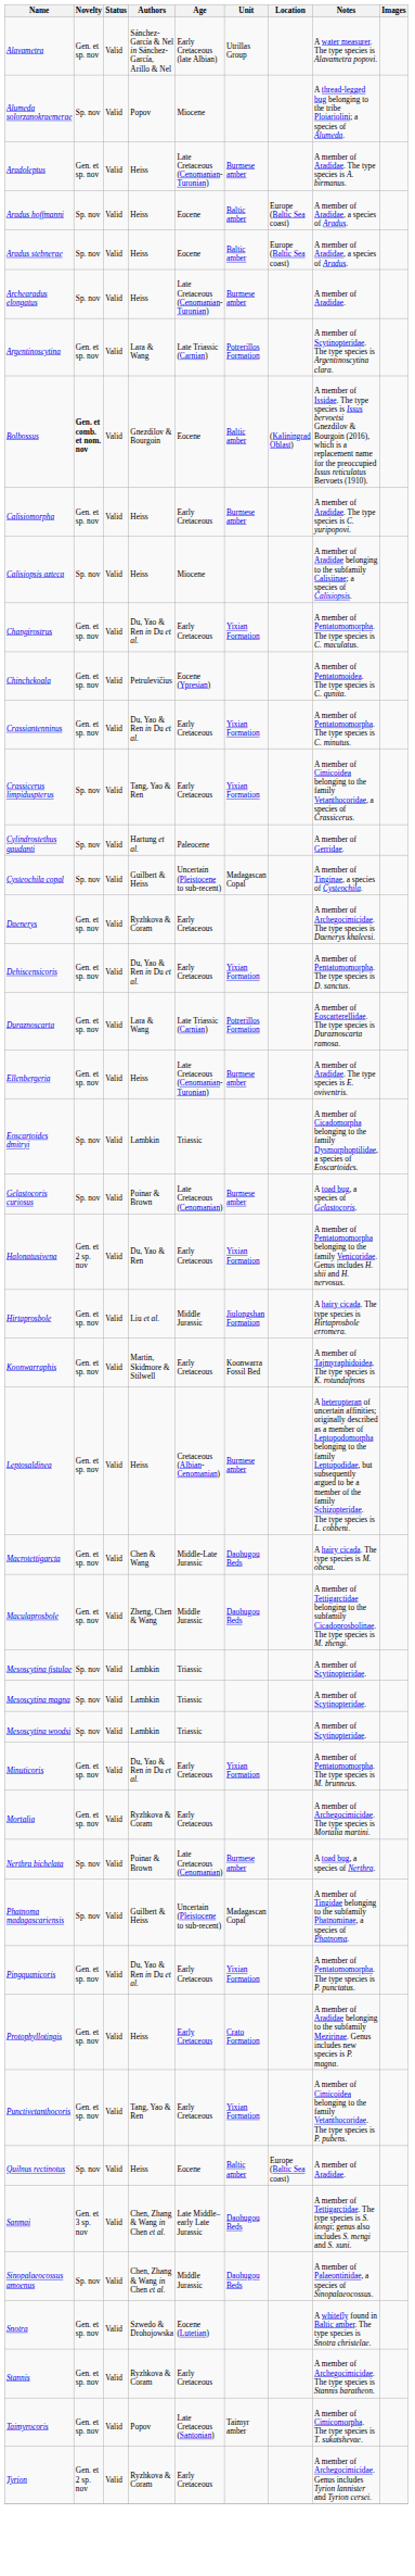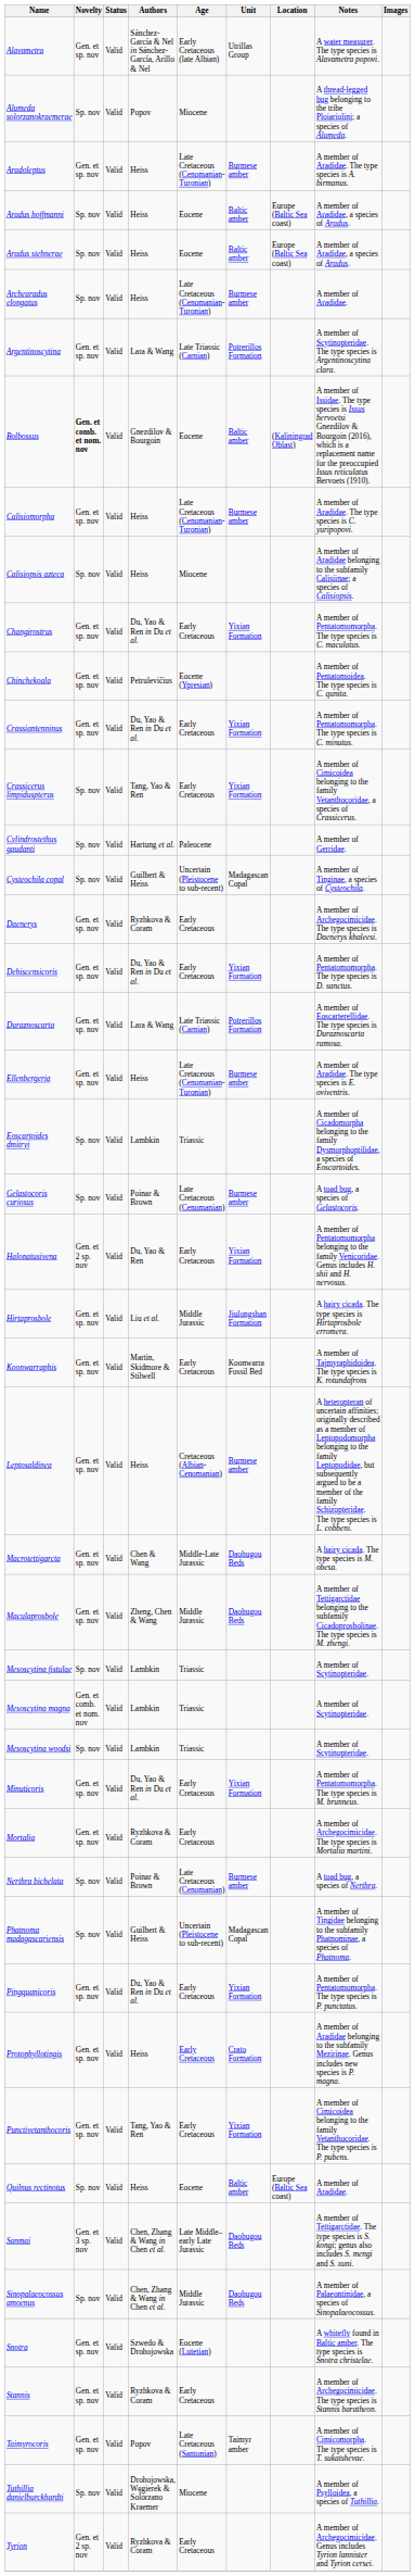 <table class="wikitable sortable" align="center" width="100%">
 <tr>
 <th>Name</th>
 <th>Novelty</th>
 <th>Status</th>
 <th>Authors</th>
 <th>Age</th>
 <th>Unit</th>
 <th>Location</th>
 <th>Notes</th>
 <th>Images</th>
 </tr>
 <tr>
 <td><br><em><a href='#'>Alavametra</a></em></td>
 <td><br>Gen. et sp. nov</td>
 <td><br>Valid</td>
 <td><br>Sánchez-García & Nel <em>in</em> Sánchez-García, Arillo & Nel</td>
 <td><br>Early Cretaceous (late Albian)</td>
 <td><br>Utrillas Group</td>
 <td><br></td>
 <td><br>A <a href='#'>water measurer</a>. The type species is <em>Alavametra popovi</em>.</td>
 <td></td>
 </tr>
 <tr>
 <td><br><em><a href='#'>Alumeda solorzanokraemerae</a></em></td>
 <td><br>Sp. nov</td>
 <td><br>Valid</td>
 <td><br>Popov</td>
 <td><br>Miocene</td>
 <td></td>
 <td><br></td>
 <td><br>A <a href='#'>thread-legged bug</a> belonging to the tribe <a href='#'>Ploiariolini</a>; a species of <em><a href='#'>Alumeda</a></em>.</td>
 <td></td>
 </tr>
 <tr>
 <td><br><em><a href='#'>Aradoleptus</a></em></td>
 <td><br>Gen. et sp. nov</td>
 <td><br>Valid</td>
 <td><br>Heiss</td>
 <td><br>Late Cretaceous (<a href='#'>Cenomanian</a>-<a href='#'>Turonian</a>)</td>
 <td><br><a href='#'>Burmese amber</a></td>
 <td><br></td>
 <td><br>A member of <a href='#'>Aradidae</a>. The type species is <em>A. birmanus</em>.</td>
 <td></td>
 </tr>
 <tr>
 <td><br><em><a href='#'>Aradus hoffmanni</a></em></td>
 <td><br>Sp. nov</td>
 <td><br>Valid</td>
 <td><br>Heiss</td>
 <td><br>Eocene</td>
 <td><br><a href='#'>Baltic amber</a></td>
 <td><br>Europe (<a href='#'>Baltic Sea</a> coast)</td>
 <td><br>A member of <a href='#'>Aradidae</a>, a species of <em><a href='#'>Aradus</a></em>.</td>
 <td></td>
 </tr>
 <tr>
 <td><br><em><a href='#'>Aradus stebnerae</a></em></td>
 <td><br>Sp. nov</td>
 <td><br>Valid</td>
 <td><br>Heiss</td>
 <td><br>Eocene</td>
 <td><br><a href='#'>Baltic amber</a></td>
 <td><br>Europe (<a href='#'>Baltic Sea</a> coast)</td>
 <td><br>A member of <a href='#'>Aradidae</a>, a species of <em><a href='#'>Aradus</a></em>.</td>
 <td></td>
 </tr>
 <tr>
 <td><br><em><a href='#'>Archearadus elongatus</a></em></td>
 <td><br>Sp. nov</td>
 <td><br>Valid</td>
 <td><br>Heiss</td>
 <td><br>Late Cretaceous (<a href='#'>Cenomanian</a>-<a href='#'>Turonian</a>)</td>
 <td><br><a href='#'>Burmese amber</a></td>
 <td><br></td>
 <td><br>A member of <a href='#'>Aradidae</a>.</td>
 <td></td>
 </tr>
 <tr>
 <td><br><em><a href='#'>Argentinoscytina</a></em></td>
 <td><br>Gen. et sp. nov</td>
 <td><br>Valid</td>
 <td><br>Lara & Wang</td>
 <td><br>Late Triassic (<a href='#'>Carnian</a>)</td>
 <td><br><a href='#'>Potrerillos Formation</a></td>
 <td><br></td>
 <td><br>A member of <a href='#'>Scytinopteridae</a>. The type species is <em>Argentinoscytina clara</em>.</td>
 <td></td>
 </tr>
 <tr>
 <td><br><em><a href='#'>Bolbossus</a></em></td>
 <td><strong><br>Gen. et comb. et nom. nov</strong></td>
 <td><br>Valid</td>
 <td><br>Gnezdilov & Bourgoin</td>
 <td><br>Eocene</td>
 <td><br><a href='#'>Baltic amber</a></td>
 <td><br><br>(<a href='#'>Kaliningrad Oblast</a>)</td>
 <td><br>A member of <a href='#'>Issidae</a>. The type species is <em><a href='#'>Issus</a> bervoetsi</em> Gnezdilov & Bourgoin (2016), which is a replacement name for the preoccupied <em>Issus reticulatus</em> Bervoets (1910).</td>
 <td></td>
 </tr>
 <tr>
 <td><br><em><a href='#'>Calisiomorpha</a></em></td>
 <td><br>Gen. et sp. nov</td>
 <td><br>Valid</td>
 <td><br>Heiss</td>
-<td><br>Early Cretaceous</td>
+<td><br>Late Cretaceous (<a href='#'>Cenomanian</a>-<a href='#'>Turonian</a>)</td>
 <td><br><a href='#'>Burmese amber</a></td>
 <td><br></td>
 <td><br>A member of <a href='#'>Aradidae</a>. The type species is <em>C. yuripopovi</em>.</td>
 <td></td>
 </tr>
 <tr>
 <td><br><em><a href='#'>Calisiopsis azteca</a></em></td>
 <td><br>Sp. nov</td>
 <td><br>Valid</td>
 <td><br>Heiss</td>
 <td><br>Miocene</td>
 <td></td>
 <td><br></td>
 <td><br>A member of <a href='#'>Aradidae</a> belonging to the subfamily <a href='#'>Calisiinae</a>; a species of <em><a href='#'>Calisiopsis</a></em>.</td>
 <td></td>
 </tr>
 <tr>
 <td><br><em><a href='#'>Changirostrus</a></em></td>
 <td><br>Gen. et sp. nov</td>
 <td><br>Valid</td>
 <td><br>Du, Yao & Ren <em>in</em> Du <em>et al.</em></td>
 <td><br>Early Cretaceous</td>
 <td><br><a href='#'>Yixian Formation</a></td>
 <td><br></td>
 <td><br>A member of <a href='#'>Pentatomomorpha</a>. The type species is <em>C. maculatus</em>.</td>
 <td></td>
 </tr>
 <tr>
 <td><br><em><a href='#'>Chinchekoala</a></em></td>
 <td><br>Gen. et sp. nov</td>
 <td><br>Valid</td>
 <td><br>Petrulevičius</td>
 <td><br>Eocene (<a href='#'>Ypresian</a>)</td>
 <td></td>
 <td><br></td>
 <td><br>A member of <a href='#'>Pentatomoidea</a>. The type species is <em>C. qunita</em>.</td>
 <td></td>
 </tr>
 <tr>
 <td><br><em><a href='#'>Crassiantenninus</a></em></td>
 <td><br>Gen. et sp. nov</td>
 <td><br>Valid</td>
 <td><br>Du, Yao & Ren <em>in</em> Du <em>et al.</em></td>
 <td><br>Early Cretaceous</td>
 <td><br><a href='#'>Yixian Formation</a></td>
 <td><br></td>
 <td><br>A member of <a href='#'>Pentatomomorpha</a>. The type species is <em>C. minutus</em>.</td>
 <td></td>
 </tr>
 <tr>
 <td><br><em><a href='#'>Crassicerus limpiduspterus</a></em></td>
 <td><br>Sp. nov</td>
 <td><br>Valid</td>
 <td><br>Tang, Yao & Ren</td>
 <td><br>Early Cretaceous</td>
 <td><br><a href='#'>Yixian Formation</a></td>
 <td><br></td>
 <td><br>A member of <a href='#'>Cimicoidea</a> belonging to the family <a href='#'>Vetanthocoridae</a>, a species of <em>Crassicerus</em>.</td>
 <td></td>
 </tr>
 <tr>
 <td><br><em><a href='#'>Cylindrostethus gaudanti</a></em></td>
 <td><br>Sp. nov</td>
 <td><br>Valid</td>
 <td><br>Hartung <em>et al.</em></td>
 <td><br>Paleocene</td>
 <td></td>
 <td><br></td>
 <td><br>A member of <a href='#'>Gerridae</a>.</td>
 <td></td>
 </tr>
 <tr>
 <td><br><em><a href='#'>Cysteochila copal</a></em></td>
 <td><br>Sp. nov</td>
 <td><br>Valid</td>
 <td><br>Guilbert & Heiss</td>
 <td><br>Uncertain (<a href='#'>Pleistocene</a> to sub-recent)</td>
 <td><br>Madagascan Copal</td>
 <td><br></td>
 <td><br>A member of <a href='#'>Tinginae</a>, a species of <em><a href='#'>Cysteochila</a></em>.</td>
 <td></td>
 </tr>
 <tr>
 <td><br><em><a href='#'>Daenerys</a></em></td>
 <td><br>Gen. et sp. nov</td>
 <td><br>Valid</td>
 <td><br>Ryzhkova & Coram</td>
 <td><br>Early Cretaceous</td>
 <td></td>
 <td><br></td>
 <td><br>A member of <a href='#'>Archegocimicidae</a>. The type species is <em>Daenerys khaleesi</em>.</td>
 <td></td>
 </tr>
 <tr>
 <td><br><em><a href='#'>Dehiscensicoris</a></em></td>
 <td><br>Gen. et sp. nov</td>
 <td><br>Valid</td>
 <td><br>Du, Yao & Ren <em>in</em> Du <em>et al.</em></td>
 <td><br>Early Cretaceous</td>
 <td><br><a href='#'>Yixian Formation</a></td>
 <td><br></td>
 <td><br>A member of <a href='#'>Pentatomomorpha</a>. The type species is <em>D. sanctus</em>.</td>
 <td></td>
 </tr>
 <tr>
 <td><br><em><a href='#'>Duraznoscarta</a></em></td>
 <td><br>Gen. et sp. nov</td>
 <td><br>Valid</td>
 <td><br>Lara & Wang</td>
 <td><br>Late Triassic (<a href='#'>Carnian</a>)</td>
 <td><br><a href='#'>Potrerillos Formation</a></td>
 <td><br></td>
 <td><br>A member of <a href='#'>Eoscarterellidae</a>. The type species is <em>Duraznoscarta ramosa</em>.</td>
 <td></td>
 </tr>
 <tr>
 <td><br><em><a href='#'>Ellenbergeria</a></em></td>
 <td><br>Gen. et sp. nov</td>
 <td><br>Valid</td>
 <td><br>Heiss</td>
 <td><br>Late Cretaceous (<a href='#'>Cenomanian</a>-<a href='#'>Turonian</a>)</td>
 <td><br><a href='#'>Burmese amber</a></td>
 <td><br></td>
 <td><br>A member of <a href='#'>Aradidae</a>. The type species is <em>E. oviventris</em>.</td>
 <td></td>
 </tr>
 <tr>
 <td><br><em><a href='#'>Eoscartoides dmitryi</a></em></td>
 <td><br>Sp. nov</td>
 <td><br>Valid</td>
 <td><br>Lambkin</td>
 <td><br>Triassic</td>
 <td></td>
 <td><br></td>
 <td><br>A member of <a href='#'>Cicadomorpha</a> belonging to the family <a href='#'>Dysmorphoptilidae</a>, a species of <em>Eoscartoides</em>.</td>
 <td></td>
 </tr>
 <tr>
 <td><br><em><a href='#'>Gelastocoris curiosus</a></em></td>
 <td><br>Sp. nov</td>
 <td><br>Valid</td>
 <td><br>Poinar & Brown</td>
 <td><br>Late Cretaceous (<a href='#'>Cenomanian</a>)</td>
 <td><br><a href='#'>Burmese amber</a></td>
 <td><br></td>
 <td><br>A <a href='#'>toad bug</a>, a species of <em><a href='#'>Gelastocoris</a></em>.</td>
 <td></td>
 </tr>
 <tr>
 <td><br><em><a href='#'>Halonatusivena</a></em></td>
 <td><br>Gen. et 2 sp. nov</td>
 <td><br>Valid</td>
 <td><br>Du, Yao & Ren</td>
 <td><br>Early Cretaceous</td>
 <td><br><a href='#'>Yixian Formation</a></td>
 <td><br></td>
 <td><br>A member of <a href='#'>Pentatomomorpha</a> belonging to the family <a href='#'>Venicoridae</a>. Genus includes <em>H. shii</em> and <em>H. nervosus</em>.</td>
 <td></td>
 </tr>
 <tr>
 <td><br><em><a href='#'>Hirtaprosbole</a></em></td>
 <td><br>Gen. et sp. nov</td>
 <td><br>Valid</td>
 <td><br>Liu <em>et al.</em></td>
 <td><br>Middle Jurassic</td>
 <td><br><a href='#'>Jiulongshan Formation</a></td>
 <td><br></td>
 <td><br>A <a href='#'>hairy cicada</a>. The type species is <em>Hirtaprosbole erromera</em>.</td>
 <td></td>
 </tr>
 <tr>
 <td><br><em><a href='#'>Koonwarraphis</a></em></td>
 <td><br>Gen. et sp. nov</td>
 <td><br>Valid</td>
 <td><br>Martin, Skidmore & Stilwell</td>
 <td><br>Early Cretaceous</td>
 <td><br>Koonwarra Fossil Bed</td>
 <td><br></td>
 <td><br>A member of <a href='#'>Tajmyraphidoidea</a>. The type species is <em>K. rotundafrons</em></td>
 <td></td>
 </tr>
 <tr>
 <td><br><em><a href='#'>Leptosaldinea</a></em></td>
 <td><br>Gen. et sp. nov</td>
 <td><br>Valid</td>
 <td><br>Heiss</td>
 <td><br>Cretaceous (<a href='#'>Albian</a>-<a href='#'>Cenomanian</a>)</td>
 <td><br><a href='#'>Burmese amber</a></td>
 <td><br></td>
 <td><br>A <a href='#'>heteropteran</a> of uncertain affinities; originally described as a member of <a href='#'>Leptopodomorpha</a> belonging to the family <a href='#'>Leptopodidae</a>, but subsequently argued to be a member of the family <a href='#'>Schizopteridae</a>. The type species is <em>L. cobbeni</em>.</td>
 <td></td>
 </tr>
 <tr>
 <td><br><em><a href='#'>Macrotettigarcta</a></em></td>
 <td><br>Gen. et sp. nov</td>
 <td><br>Valid</td>
 <td><br>Chen & Wang</td>
 <td><br>Middle-Late Jurassic</td>
 <td><br><a href='#'>Daohugou Beds</a></td>
 <td><br></td>
 <td><br>A <a href='#'>hairy cicada</a>. The type species is <em>M. obesa</em>.</td>
 <td></td>
 </tr>
 <tr>
 <td><br><em><a href='#'>Maculaprosbole</a></em></td>
 <td><br>Gen. et sp. nov</td>
 <td><br>Valid</td>
 <td><br>Zheng, Chen & Wang</td>
 <td><br>Middle Jurassic</td>
 <td><br><a href='#'>Daohugou Beds</a></td>
 <td><br></td>
 <td><br>A member of <a href='#'>Tettigarctidae</a> belonging to the subfamily <a href='#'>Cicadoprosbolinae</a>. The type species is <em>M. zhengi</em>.</td>
 <td></td>
 </tr>
 <tr>
 <td><br><em><a href='#'>Mesoscytina fistulae</a></em></td>
 <td><br>Sp. nov</td>
 <td><br>Valid</td>
 <td><br>Lambkin</td>
 <td><br>Triassic</td>
 <td></td>
 <td><br></td>
 <td><br>A member of <a href='#'>Scytinopteridae</a>.</td>
 <td></td>
 </tr>
 <tr>
 <td><br><em><a href='#'>Mesoscytina magna</a></em></td>
-<td><br>Sp. nov</td>
+<td><br>Gen. et comb. et nom. nov</td>
 <td><br>Valid</td>
 <td><br>Lambkin</td>
 <td><br>Triassic</td>
 <td></td>
 <td><br></td>
 <td><br>A member of <a href='#'>Scytinopteridae</a>.</td>
 <td></td>
 </tr>
 <tr>
 <td><br><em><a href='#'>Mesoscytina woodsi</a></em></td>
 <td><br>Sp. nov</td>
 <td><br>Valid</td>
 <td><br>Lambkin</td>
 <td><br>Triassic</td>
 <td></td>
 <td><br></td>
 <td><br>A member of <a href='#'>Scytinopteridae</a>.</td>
 <td></td>
 </tr>
 <tr>
 <td><br><em><a href='#'>Minuticoris</a></em></td>
 <td><br>Gen. et sp. nov</td>
 <td><br>Valid</td>
 <td><br>Du, Yao & Ren <em>in</em> Du <em>et al.</em></td>
 <td><br>Early Cretaceous</td>
 <td><br><a href='#'>Yixian Formation</a></td>
 <td><br></td>
 <td><br>A member of <a href='#'>Pentatomomorpha</a>. The type species is <em>M. brunneus</em>.</td>
 <td></td>
 </tr>
 <tr>
 <td><br><em><a href='#'>Mortalia</a></em></td>
 <td><br>Gen. et sp. nov</td>
 <td><br>Valid</td>
 <td><br>Ryzhkova & Coram</td>
 <td><br>Early Cretaceous</td>
 <td></td>
 <td><br></td>
 <td><br>A member of <a href='#'>Archegocimicidae</a>. The type species is <em>Mortalia martini</em>.</td>
 <td></td>
 </tr>
 <tr>
 <td><br><em><a href='#'>Nerthra bichelata</a></em></td>
 <td><br>Sp. nov</td>
 <td><br>Valid</td>
 <td><br>Poinar & Brown</td>
 <td><br>Late Cretaceous (<a href='#'>Cenomanian</a>)</td>
 <td><br><a href='#'>Burmese amber</a></td>
 <td><br></td>
 <td><br>A <a href='#'>toad bug</a>, a species of <em><a href='#'>Nerthra</a></em>.</td>
 <td></td>
 </tr>
 <tr>
 <td><br><em><a href='#'>Phatnoma madagascariensis</a></em></td>
 <td><br>Sp. nov</td>
 <td><br>Valid</td>
 <td><br>Guilbert & Heiss</td>
 <td><br>Uncertain (<a href='#'>Pleistocene</a> to sub-recent)</td>
 <td><br>Madagascan Copal</td>
 <td><br></td>
 <td><br>A member of <a href='#'>Tingidae</a> belonging to the subfamily <a href='#'>Phatnominae</a>, a species of <em><a href='#'>Phatnoma</a></em>.</td>
 <td></td>
 </tr>
 <tr>
 <td><br><em><a href='#'>Pingquanicoris</a></em></td>
 <td><br>Gen. et sp. nov</td>
 <td><br>Valid</td>
 <td><br>Du, Yao & Ren <em>in</em> Du <em>et al.</em></td>
 <td><br>Early Cretaceous</td>
 <td><br><a href='#'>Yixian Formation</a></td>
 <td><br></td>
 <td><br>A member of <a href='#'>Pentatomomorpha</a>. The type species is <em>P. punctatus</em>.</td>
 <td></td>
 </tr>
 <tr>
 <td><br><em><a href='#'>Protophyllotingis</a></em></td>
 <td><br>Gen. et sp. nov</td>
 <td><br>Valid</td>
 <td><br>Heiss</td>
 <td><br><a href='#'>Early Cretaceous</a></td>
 <td><br><a href='#'>Crato Formation</a></td>
 <td><br></td>
 <td><br>A member of <a href='#'>Aradidae</a> belonging to the subfamily <a href='#'>Mezirinae</a>. Genus includes new species is <em>P. magna</em>.</td>
 <td></td>
 </tr>
 <tr>
 <td><br><em><a href='#'>Punctivetanthocoris</a></em></td>
 <td><br>Gen. et sp. nov</td>
 <td><br>Valid</td>
 <td><br>Tang, Yao & Ren</td>
 <td><br>Early Cretaceous</td>
 <td><br><a href='#'>Yixian Formation</a></td>
 <td><br></td>
 <td><br>A member of <a href='#'>Cimicoidea</a> belonging to the family <a href='#'>Vetanthocoridae</a>. The type species is <em>P. pubens</em>.</td>
 <td></td>
 </tr>
 <tr>
 <td><br><em><a href='#'>Quilnus rectinotus</a></em></td>
 <td><br>Sp. nov</td>
 <td><br>Valid</td>
 <td><br>Heiss</td>
 <td><br>Eocene</td>
 <td><br><a href='#'>Baltic amber</a></td>
 <td><br>Europe (<a href='#'>Baltic Sea</a> coast)</td>
 <td><br>A member of <a href='#'>Aradidae</a>.</td>
 <td></td>
 </tr>
 <tr>
 <td><br><em><a href='#'>Sanmai</a></em></td>
 <td><br>Gen. et 3 sp. nov</td>
 <td><br>Valid</td>
 <td><br>Chen, Zhang & Wang <em>in</em> Chen <em>et al.</em></td>
 <td><br>Late Middle–early Late Jurassic</td>
 <td><br><a href='#'>Daohugou Beds</a></td>
 <td><br></td>
 <td><br>A member of <a href='#'>Tettigarctidae</a>. The type species is <em>S. kongi</em>; genus also includes <em>S. mengi</em> and <em>S. xuni</em>.</td>
 <td></td>
 </tr>
 <tr>
 <td><br><em><a href='#'>Sinopalaeocossus amoenus</a></em></td>
 <td><br>Sp. nov</td>
 <td><br>Valid</td>
 <td><br>Chen, Zhang & Wang <em>in</em> Chen <em>et al.</em></td>
 <td><br>Middle Jurassic</td>
 <td><br><a href='#'>Daohugou Beds</a></td>
 <td><br></td>
 <td><br>A member of <a href='#'>Palaeontinidae</a>, a species of <em>Sinopalaeocossus</em>.</td>
 <td></td>
 </tr>
 <tr>
 <td><br><em><a href='#'>Snotra</a></em></td>
 <td><br>Gen. et sp. nov</td>
 <td><br>Valid</td>
 <td><br>Szwedo & Drohojowska</td>
 <td><br>Eocene (<a href='#'>Lutetian</a>)</td>
 <td></td>
 <td><br></td>
 <td><br>A <a href='#'>whitefly</a> found in <a href='#'>Baltic amber</a>. The type species is <em>Snotra christelae</em>.</td>
 <td></td>
 </tr>
 <tr>
 <td><br><em><a href='#'>Stannis</a></em></td>
 <td><br>Gen. et sp. nov</td>
 <td><br>Valid</td>
 <td><br>Ryzhkova & Coram</td>
 <td><br>Early Cretaceous</td>
 <td></td>
 <td><br></td>
 <td><br>A member of <a href='#'>Archegocimicidae</a>. The type species is <em>Stannis baratheon</em>.</td>
 <td></td>
 </tr>
 <tr>
 <td><br><em><a href='#'>Taimyrocoris</a></em></td>
 <td><br>Gen. et sp. nov</td>
 <td><br>Valid</td>
 <td><br>Popov</td>
 <td><br>Late Cretaceous (<a href='#'>Santonian</a>)</td>
 <td><br>Taimyr amber</td>
 <td><br></td>
 <td><br>A member of <a href='#'>Cimicomorpha</a>. The type species is <em>T. sukatshevae</em>.</td>
 <td></td>
 </tr>
 <tr>
+<td><br><em><a href='#'>Tuthillia danielburckhardti</a></em></td>
+<td><br>Sp. nov</td>
+<td><br>Valid</td>
+<td><br>Drohojowska, Węgierek & Solórzano Kraemer</td>
+<td><br>Miocene</td>
+<td></td>
+<td><br></td>
+<td><br>A member of <a href='#'>Psylloidea</a>, a species of <em><a href='#'>Tuthillia</a></em>.</td>
+<td></td>
+</tr>
+<tr>
 <td><br><em><a href='#'>Tyrion</a></em></td>
 <td><br>Gen. et 2 sp. nov</td>
 <td><br>Valid</td>
 <td><br>Ryzhkova & Coram</td>
 <td><br>Early Cretaceous</td>
 <td></td>
 <td><br></td>
 <td><br>A member of <a href='#'>Archegocimicidae</a>. Genus includes <em>Tyrion lannister</em> and <em>Tyrion cersei</em>.</td>
 <td></td>
 </tr>
 <tr>
 </tr>
 </table>
